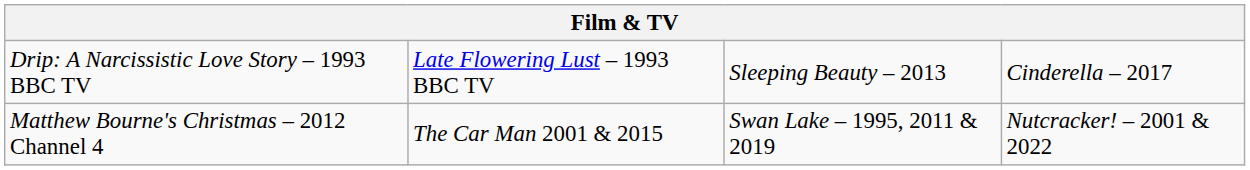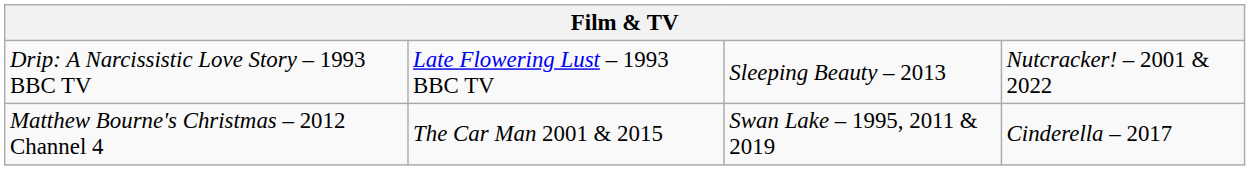 <table class="wikitable">
 <tr>
 <th colspan="4" style="text-align:center;">Film & TV</th>
 </tr>
 <tr>
 <td><em>Drip: A Narcissistic Love Story</em> – 1993 BBC TV</td>
 <td><em><a href='#'>Late Flowering Lust</a></em> – 1993 BBC TV</td>
 <td><em>Sleeping Beauty</em> – 2013</td>
-<td><em>Cinderella</em> – 2017</td>
+<td><em>Nutcracker!</em> – 2001 & 2022</td>
 </tr>
 <tr>
 <td><em>Matthew Bourne's Christmas</em> – 2012 Channel 4</td>
 <td><em>The Car Man</em> 2001 & 2015</td>
 <td><em>Swan Lake</em> – 1995, 2011 & 2019</td>
-<td><em>Nutcracker!</em> – 2001 & 2022</td>
+<td><em>Cinderella</em> – 2017</td>
 </tr>
 </table>
